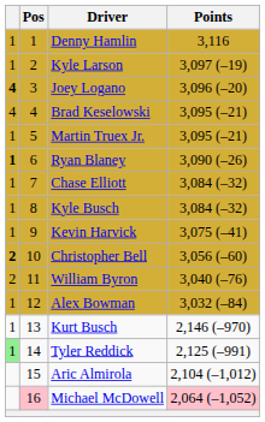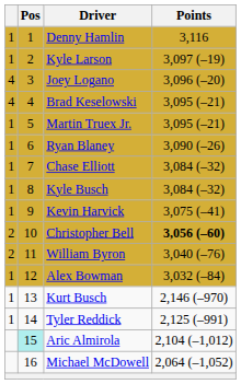 <table class="wikitable" style="font-size: 95%">
 <tr>
 <th></th>
 <th>Pos</th>
 <th>Driver</th>
 <th>Points</th>
 </tr>
 <tr style="background:#D4AF37;">
 <td align="left"> 1</td>
 <td style="text-align:center;">1</td>
 <td><a href='#'>Denny Hamlin</a></td>
 <td style="text-align:center;">3,116</td>
 </tr>
 <tr style="background:#D4AF37;">
 <td align="left"> 1</td>
 <td style="text-align:center;">2</td>
 <td><a href='#'>Kyle Larson</a></td>
 <td style="text-align:center;">3,097 (–19)</td>
 </tr>
 <tr style="background:#D4AF37;">
-<td align="left"><strong> 4</strong></td>
+<td align="left"> 4</td>
 <td style="text-align:center;">3</td>
 <td><a href='#'>Joey Logano</a></td>
 <td style="text-align:center;">3,096 (–20)</td>
 </tr>
 <tr style="background:#D4AF37;">
 <td align="left"> 4</td>
 <td style="text-align:center;">4</td>
 <td><a href='#'>Brad Keselowski</a></td>
 <td style="text-align:center;">3,095 (–21)</td>
 </tr>
 <tr style="background:#D4AF37;">
 <td align="left"> 1</td>
 <td style="text-align:center;">5</td>
 <td><a href='#'>Martin Truex Jr.</a></td>
 <td style="text-align:center;">3,095 (–21)</td>
 </tr>
 <tr style="background:#D4AF37;">
-<td align="left"><strong> 1</strong></td>
+<td align="left"> 1</td>
 <td style="text-align:center;">6</td>
 <td><a href='#'>Ryan Blaney</a></td>
 <td style="text-align:center;">3,090 (–26)</td>
 </tr>
 <tr style="background:#D4AF37;">
 <td align="left"> 1</td>
 <td style="text-align:center;">7</td>
 <td><a href='#'>Chase Elliott</a></td>
 <td style="text-align:center;">3,084 (–32)</td>
 </tr>
 <tr style="background:#D4AF37;">
 <td align="left"> 1</td>
 <td style="text-align:center;">8</td>
 <td><a href='#'>Kyle Busch</a></td>
 <td style="text-align:center;">3,084 (–32)</td>
 </tr>
 <tr style="background:#D4AF37;">
 <td align="left"> 1</td>
 <td style="text-align:center;">9</td>
 <td><a href='#'>Kevin Harvick</a></td>
 <td style="text-align:center;">3,075 (–41)</td>
 </tr>
 <tr style="background:#D4AF37;">
-<td align="left"><strong> 2</strong></td>
+<td align="left"> 2</td>
 <td style="text-align:center;">10</td>
 <td><a href='#'>Christopher Bell</a></td>
-<td style="text-align:center;">3,056 (–60)</td>
+<td style="text-align:center;"><strong>3,056 (–60)</strong></td>
 </tr>
 <tr style="background:#D4AF37;">
 <td align="left"> 2</td>
 <td style="text-align:center;">11</td>
 <td><a href='#'>William Byron</a></td>
 <td style="text-align:center;">3,040 (–76)</td>
 </tr>
 <tr style="background:#D4AF37;">
 <td align="left"> 1</td>
 <td style="text-align:center;">12</td>
 <td><a href='#'>Alex Bowman</a></td>
 <td style="text-align:center;">3,032 (–84)</td>
 </tr>
 <tr>
 <td align="left"> 1</td>
 <td style="text-align:center;">13</td>
 <td><a href='#'>Kurt Busch</a></td>
 <td style="text-align:center;">2,146 (–970)</td>
 </tr>
 <tr>
-<td align="left" style="background: lightgreen;"> 1</td>
+<td align="left"> 1</td>
 <td style="text-align:center;">14</td>
 <td><a href='#'>Tyler Reddick</a></td>
 <td style="text-align:center;">2,125 (–991)</td>
 </tr>
 <tr>
 <td align="left"></td>
-<td style="text-align:center;">15</td>
+<td style="background: paleturquoise; text-align:center;">15</td>
 <td><a href='#'>Aric Almirola</a></td>
 <td style="text-align:center;">2,104 (–1,012)</td>
 </tr>
 <tr>
 <td align="left"></td>
-<td style="background: pink; text-align:center;">16</td>
+<td style="text-align:center;">16</td>
 <td><a href='#'>Michael McDowell</a></td>
-<td style="background: pink; text-align:center;">2,064 (–1,052)</td>
+<td style="text-align:center;">2,064 (–1,052)</td>
 </tr>
 <tr class="sortbottom">
 <th colspan="9"></th>
 </tr>
 </table>
